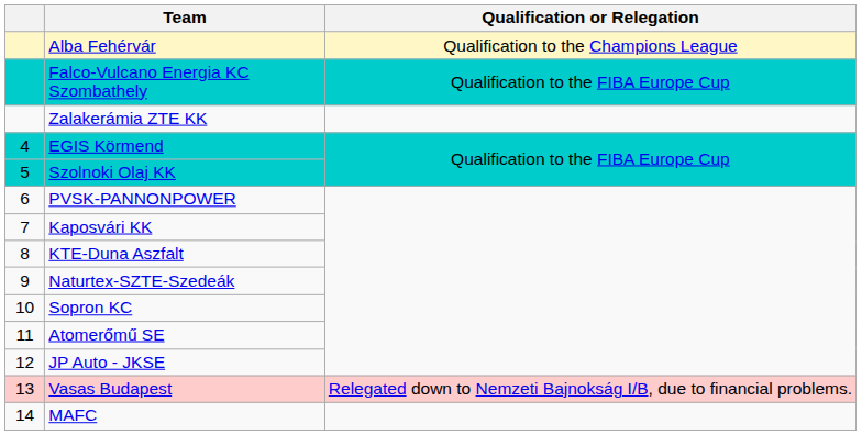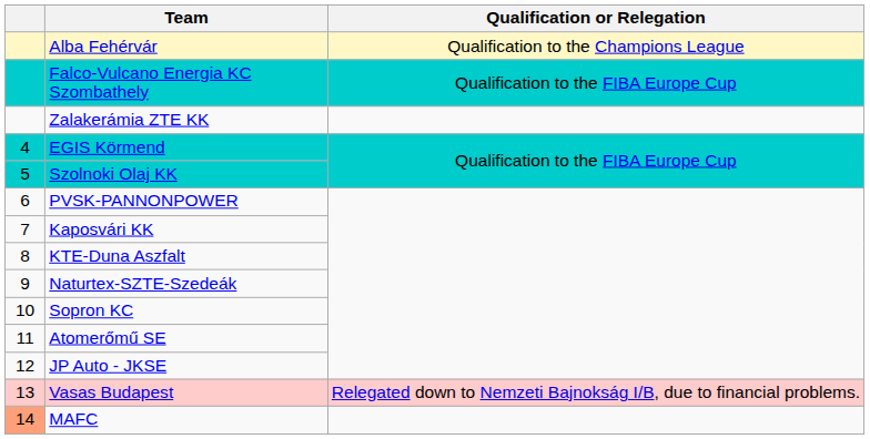 <table class="wikitable" style="text-align: center;">
 <tr>
 <th width=30></th>
 <th width=255>Team</th>
 <th>Qualification or Relegation</th>
 </tr>
 <tr bgcolor="#FFF8C6">
 <td></td>
 <td align=left><a href='#'>Alba Fehérvár</a></td>
 <td>Qualification to the <a href='#'>Champions League</a></td>
 </tr>
 <tr bgcolor="#00CCCC">
 <td></td>
 <td align=left><a href='#'>Falco-Vulcano Energia KC Szombathely</a></td>
 <td>Qualification to the <a href='#'>FIBA Europe Cup</a></td>
 </tr>
 <tr>
 <td></td>
 <td align=left><a href='#'>Zalakerámia ZTE KK</a></td>
 </tr>
 <tr bgcolor="#00CCCC">
 <td>4</td>
 <td align="left"><a href='#'>EGIS Körmend</a></td>
 <td rowspan=2>Qualification to the <a href='#'>FIBA Europe Cup</a></td>
 </tr>
 <tr bgcolor="#00CCCC">
 <td>5</td>
 <td align="left"><a href='#'>Szolnoki Olaj KK</a></td>
 </tr>
 <tr>
 <td>6</td>
 <td align="left"><a href='#'>PVSK-PANNONPOWER</a></td>
 </tr>
 <tr>
 <td>7</td>
 <td align="left"><a href='#'>Kaposvári KK</a></td>
 </tr>
 <tr>
 <td>8</td>
 <td align="left"><a href='#'>KTE-Duna Aszfalt</a></td>
 </tr>
 <tr>
 <td>9</td>
 <td align="left"><a href='#'>Naturtex-SZTE-Szedeák</a></td>
 </tr>
 <tr>
 <td>10</td>
 <td align="left"><a href='#'>Sopron KC</a></td>
 </tr>
 <tr>
 <td>11</td>
 <td align="left"><a href='#'>Atomerőmű SE</a></td>
 </tr>
 <tr>
 <td>12</td>
 <td align="left"><a href='#'>JP Auto - JKSE</a></td>
 </tr>
 <tr bgcolor="FFCCCC">
 <td>13</td>
 <td align="left"><a href='#'>Vasas Budapest</a></td>
 <td><a href='#'>Relegated</a> down to <a href='#'>Nemzeti Bajnokság I/B</a>, due to financial problems.</td>
 </tr>
 <tr>
-<td>14</td>
+<td style="background: lightsalmon;">14</td>
 <td align="left"><a href='#'>MAFC</a></td>
 </tr>
 </table>
